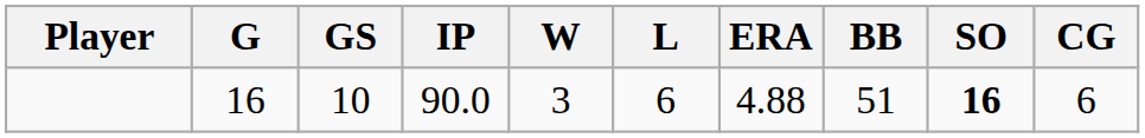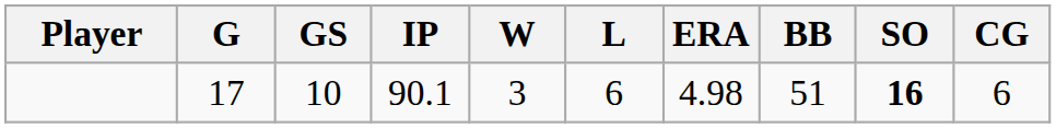 <table class="wikitable sortable">
 <tr>
 <th bgcolor="#DDDDFF" width="16%">Player</th>
 <th bgcolor="#DDDDFF" width="9%">G</th>
 <th bgcolor="#DDDDFF" width="9%">GS</th>
 <th bgcolor="#DDDDFF" width="9%">IP</th>
 <th bgcolor="#DDDDFF" width="9%">W</th>
 <th bgcolor="#DDDDFF" width="9%">L</th>
 <th bgcolor="#DDDDFF" width="9%">ERA</th>
 <th bgcolor="#DDDDFF" width="9%">BB</th>
 <th bgcolor="#DDDDFF" width="9%">SO</th>
 <th bgcolor="#DDDDFF" width="9%">CG</th>
 </tr>
 <tr align="center">
 <td></td>
-<td>16</td>
+<td>17</td>
 <td>10</td>
-<td>90.0</td>
+<td>90.1</td>
 <td>3</td>
 <td>6</td>
-<td>4.88</td>
+<td>4.98</td>
 <td>51</td>
 <td><strong>16</strong></td>
 <td>6</td>
 </tr>
 </table>
